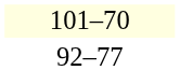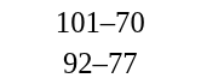 <table style="text-align:center">
 <tr>
 <th width=200></th>
 <th width=100></th>
 <th width=200></th>
 <th></th>
 </tr>
 <tr>
 <td align=right><strong></strong></td>
-<td style="background: lightyellow;">101–70</td>
+<td>101–70</td>
 <td align=left></td>
 </tr>
 <tr>
 <td align=right><strong></strong></td>
 <td>92–77</td>
 <td align=left></td>
 </tr>
 </table>
